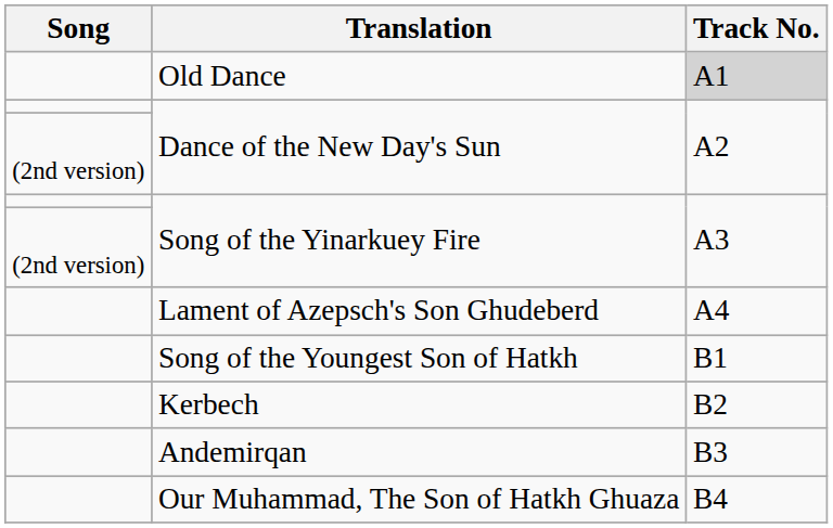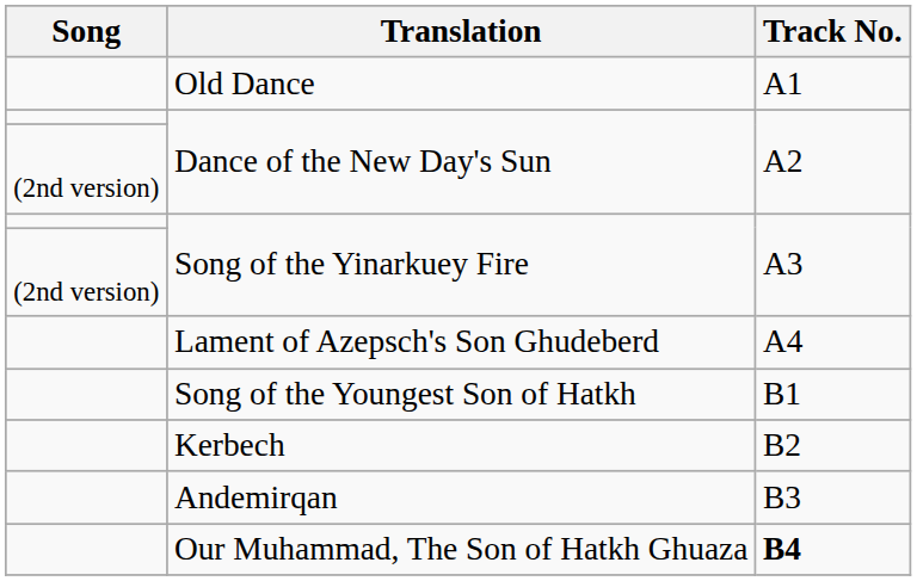 <table class="wikitable">
 <tr>
 <th>Song</th>
 <th>Translation</th>
 <th>Track No.</th>
 </tr>
 <tr>
 <td></td>
 <td>Old Dance</td>
-<td style="background: lightgrey;">A1</td>
+<td>A1</td>
 </tr>
 <tr>
 <td></td>
 <td rowspan="2">Dance of the New Day's Sun</td>
 <td rowspan="2">A2</td>
 </tr>
 <tr>
 <td><br><small>(2nd version)</small></td>
 </tr>
 <tr>
 <td></td>
 <td rowspan="2">Song of the Yinarkuey Fire</td>
 <td rowspan="2">A3</td>
 </tr>
 <tr>
 <td><br><small>(2nd version)</small></td>
 </tr>
 <tr>
 <td></td>
 <td>Lament of Azepsch's Son Ghudeberd</td>
 <td>A4</td>
 </tr>
 <tr>
 <td></td>
 <td>Song of the Youngest Son of Hatkh</td>
 <td>B1</td>
 </tr>
 <tr>
 <td></td>
 <td>Kerbech</td>
 <td>B2</td>
 </tr>
 <tr>
 <td></td>
 <td>Andemirqan</td>
 <td>B3</td>
 </tr>
 <tr>
 <td></td>
 <td>Our Muhammad, The Son of Hatkh Ghuaza</td>
-<td>B4</td>
+<td><strong>B4</strong></td>
 </tr>
 </table>
